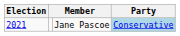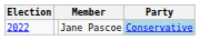 <table class="wikitable">
 <tr>
 <th>Election</th>
 <th colspan="2">Member</th>
 <th>Party</th>
 </tr>
 <tr>
-<td><a href='#'>2021</a></td>
+<td><a href='#'>2022</a></td>
 <td rowspan="1" style="background-color: "></td>
 <td rowspan="1">Jane Pascoe</td>
 <td rowspan="1" style="background: lightblue;"><a href='#'>Conservative</a></td>
 </tr>
 </table>
